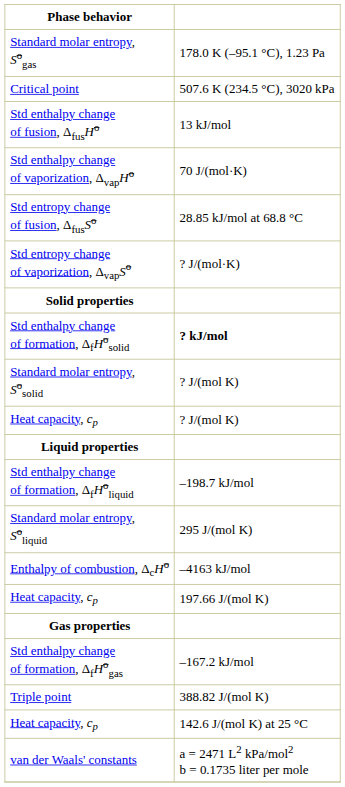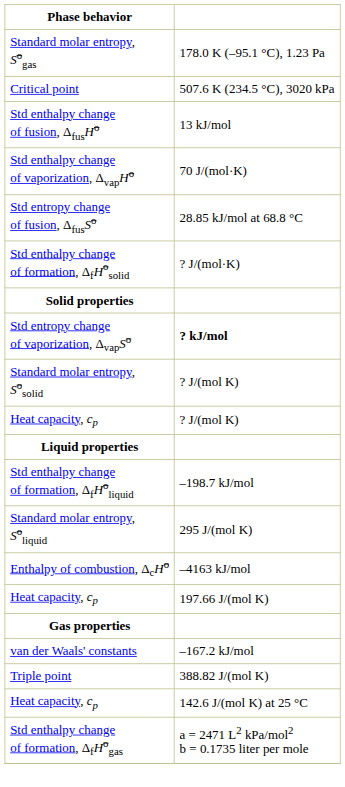 <table border="1" cellspacing="0" cellpadding="6" style="margin: 0 0 0 0.5em; background: #FFFFFF; border-collapse: collapse; border-color: #C0C090;">
 <tr>
 <th>Phase behavior</th>
 </tr>
 <tr>
 <td><a href='#'>Standard molar entropy</a>,<br><em>S</em><sup><s>o</s></sup><sub>gas</sub></td>
 <td>178.0 K (–95.1 °C), 1.23 Pa</td>
 </tr>
 <tr>
 <td><a href='#'>Critical point</a></td>
 <td>507.6 K (234.5 °C), 3020 kPa</td>
 </tr>
 <tr>
 <td><a href='#'>Std enthalpy change<br>of fusion</a>, Δ<sub>fus</sub><em>H</em><sup><s>o</s></sup></td>
 <td>13 kJ/mol</td>
 </tr>
 <tr>
 <td><a href='#'>Std enthalpy change<br>of vaporization</a>, Δ<sub>vap</sub><em>H</em><sup><s>o</s></sup></td>
 <td>70 J/(mol·K)</td>
 </tr>
 <tr>
 <td><a href='#'>Std entropy change<br>of fusion</a>, Δ<sub>fus</sub><em>S</em><sup><s>o</s></sup></td>
 <td>28.85 kJ/mol at 68.8 °C</td>
 </tr>
 <tr>
-<td><a href='#'>Std entropy change<br>of vaporization</a>, Δ<sub>vap</sub><em>S</em><sup><s>o</s></sup></td>
+<td><a href='#'>Std enthalpy change<br>of formation</a>, Δ<sub>f</sub><em>H</em><sup><s>o</s></sup><sub>solid</sub></td>
 <td>? J/(mol·K)</td>
 </tr>
 <tr>
 <th>Solid properties</th>
 </tr>
 <tr>
-<td><a href='#'>Std enthalpy change<br>of formation</a>, Δ<sub>f</sub><em>H</em><sup><s>o</s></sup><sub>solid</sub></td>
+<td><a href='#'>Std entropy change<br>of vaporization</a>, Δ<sub>vap</sub><em>S</em><sup><s>o</s></sup></td>
 <td><strong>? kJ/mol</strong></td>
 </tr>
 <tr>
 <td><a href='#'>Standard molar entropy</a>,<br><em>S</em><sup><s>o</s></sup><sub>solid</sub></td>
 <td>? J/(mol K)</td>
 </tr>
 <tr>
 <td><a href='#'>Heat capacity</a>, <em>c<sub>p</sub></em></td>
 <td>? J/(mol K)</td>
 </tr>
 <tr>
 <th>Liquid properties</th>
 </tr>
 <tr>
 <td><a href='#'>Std enthalpy change<br>of formation</a>, Δ<sub>f</sub><em>H</em><sup><s>o</s></sup><sub>liquid</sub></td>
 <td>–198.7 kJ/mol</td>
 </tr>
 <tr>
 <td><a href='#'>Standard molar entropy</a>,<br><em>S</em><sup><s>o</s></sup><sub>liquid</sub></td>
 <td>295 J/(mol K)</td>
 </tr>
 <tr>
 <td><a href='#'>Enthalpy of combustion</a>, Δ<sub>c</sub><em>H</em><sup><s>o</s></sup></td>
 <td>–4163 kJ/mol</td>
 </tr>
 <tr>
 <td><a href='#'>Heat capacity</a>, <em>c<sub>p</sub></em></td>
 <td>197.66	 J/(mol K)</td>
 </tr>
 <tr>
 <th>Gas properties</th>
 </tr>
 <tr>
-<td><a href='#'>Std enthalpy change<br>of formation</a>, Δ<sub>f</sub><em>H</em><sup><s>o</s></sup><sub>gas</sub></td>
+<td><a href='#'>van der Waals' constants</a></td>
 <td>–167.2 kJ/mol</td>
 </tr>
 <tr>
 <td><a href='#'>Triple point</a></td>
 <td>388.82 J/(mol K)</td>
 </tr>
 <tr>
 <td><a href='#'>Heat capacity</a>, <em>c<sub>p</sub></em></td>
 <td>142.6 J/(mol K) at 25 °C</td>
 </tr>
 <tr>
-<td><a href='#'>van der Waals' constants</a></td>
+<td><a href='#'>Std enthalpy change<br>of formation</a>, Δ<sub>f</sub><em>H</em><sup><s>o</s></sup><sub>gas</sub></td>
 <td>a = 2471 L<sup>2</sup> kPa/mol<sup>2</sup><br> b = 0.1735 liter per mole</td>
 </tr>
 <tr>
 </tr>
 </table>
